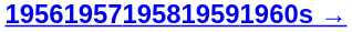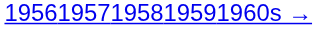 <table id=toc class=toc summary=Contents>
 <tr>
 <th></th>
 </tr>
 <tr>
-<td align=center><strong><a href='#'>1956</a><a href='#'>1957</a><a href='#'>1958</a><a href='#'>1959</a><a href='#'>1960s →</a></strong></td>
+<td align=center><a href='#'>1956</a><a href='#'>1957</a><a href='#'>1958</a><a href='#'>1959</a><a href='#'>1960s →</a></td>
 </tr>
 </table>
